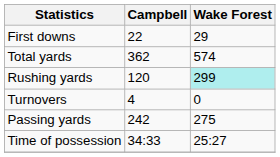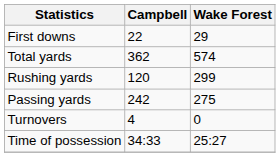 <table class="wikitable">
 <tr>
 <th>Statistics</th>
 <th>Campbell</th>
 <th>Wake Forest</th>
 </tr>
 <tr>
 <td>First downs</td>
 <td>22</td>
 <td>29</td>
 </tr>
 <tr>
 <td>Total yards</td>
 <td>362</td>
 <td>574</td>
 </tr>
 <tr>
 <td>Rushing yards</td>
 <td>120</td>
-<td style="background: paleturquoise;">299</td>
+<td>299</td>
+</tr>
+<tr>
+<td>Passing yards</td>
+<td>242</td>
+<td>275</td>
 </tr>
 <tr>
 <td>Turnovers</td>
 <td>4</td>
 <td>0</td>
-</tr>
-<tr>
-<td>Passing yards</td>
-<td>242</td>
-<td>275</td>
 </tr>
 <tr>
 <td>Time of possession</td>
 <td>34:33</td>
 <td>25:27</td>
 </tr>
 <tr>
 </tr>
 </table>
